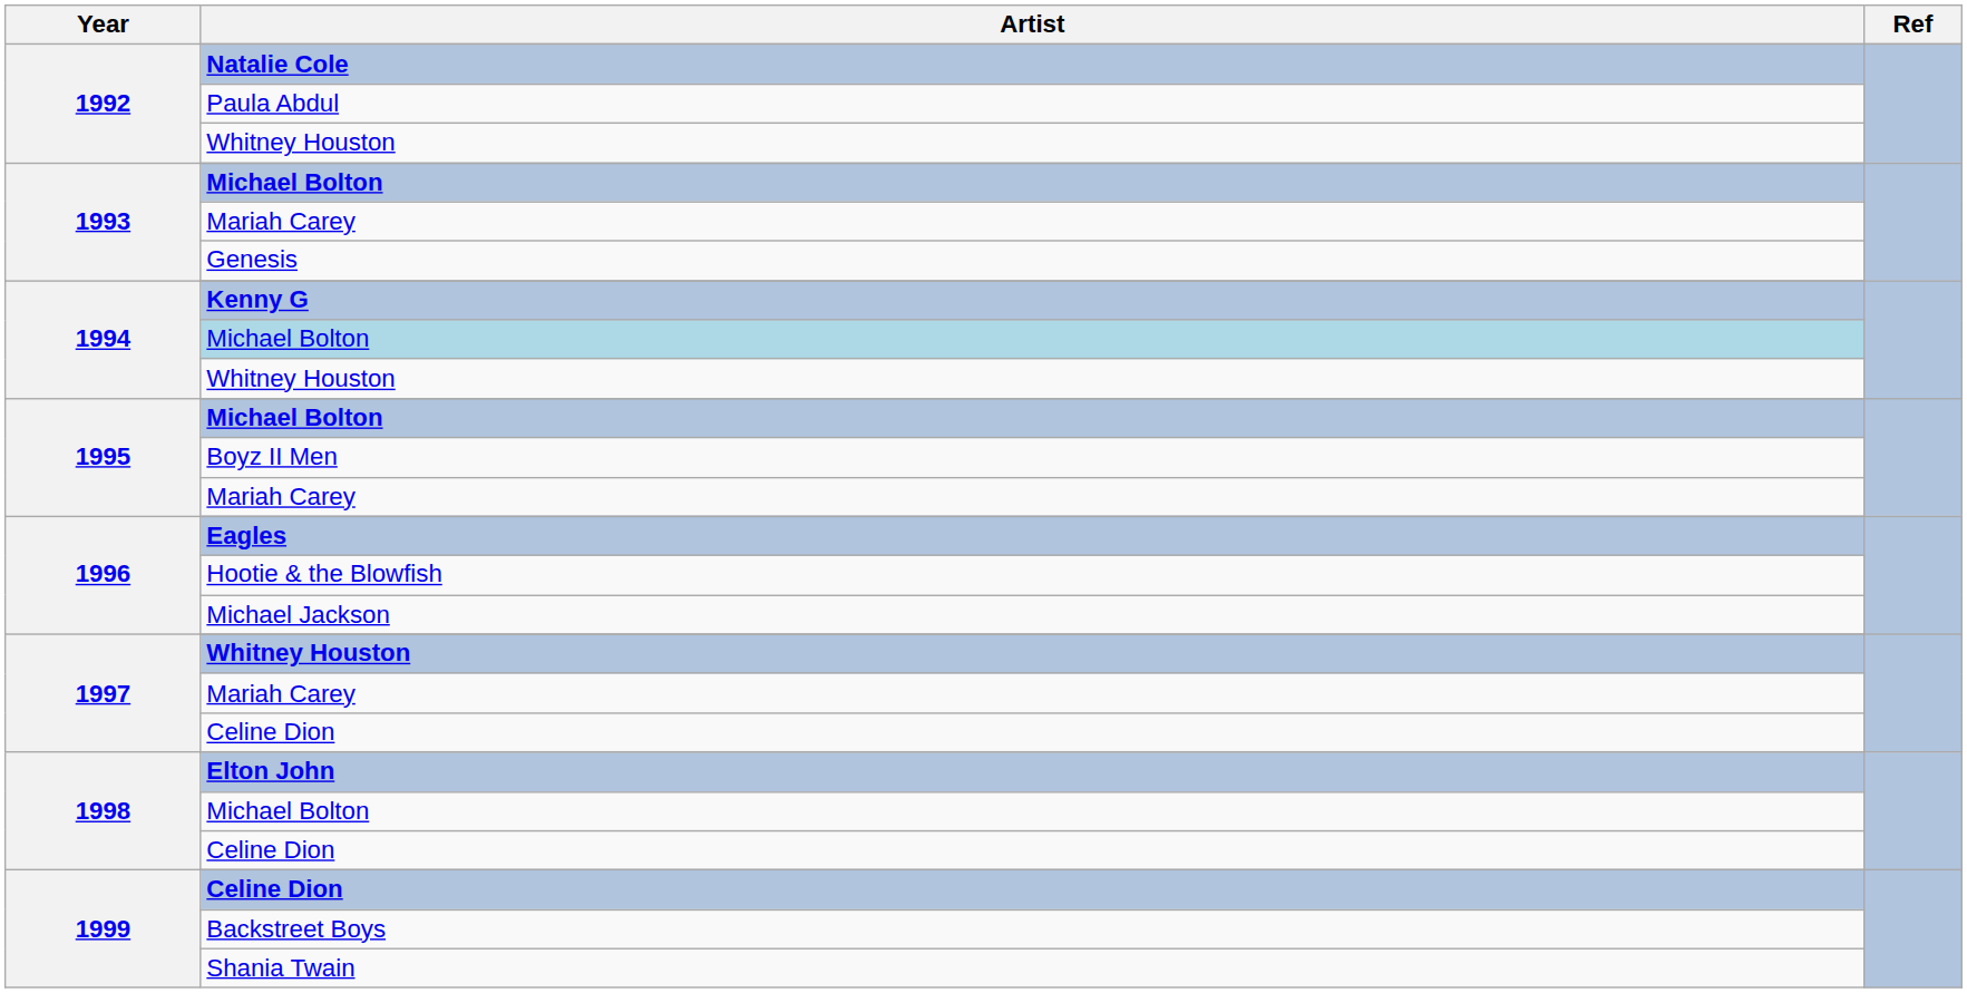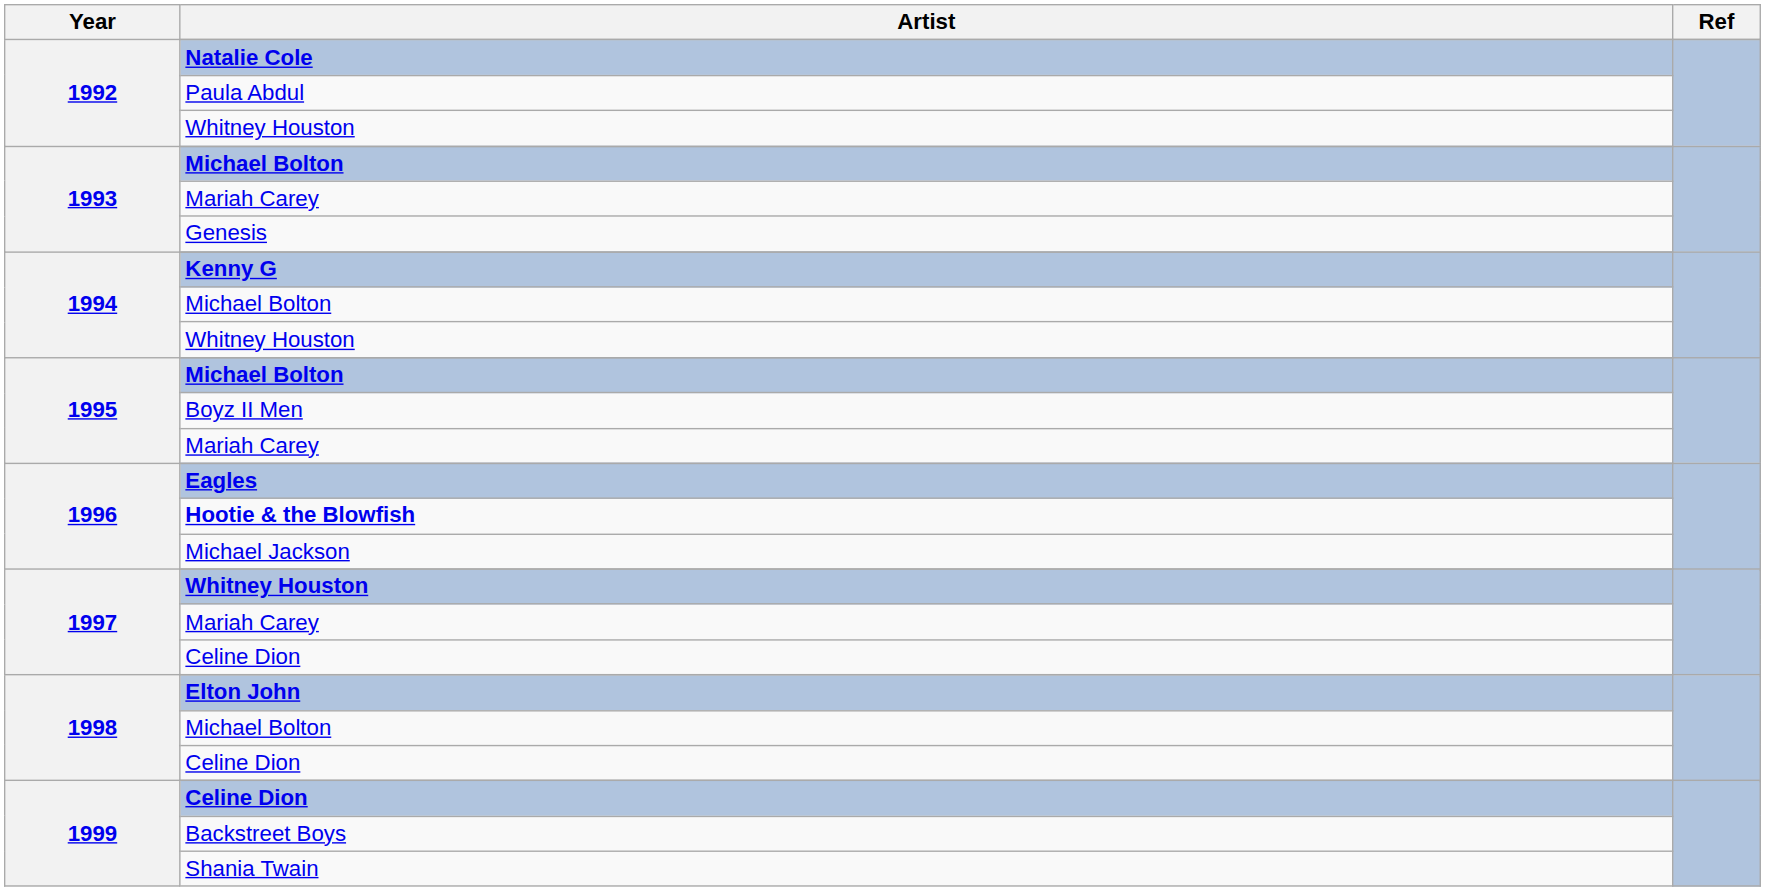 <table class="wikitable" width="100%">
 <tr>
 <th width="10%">Year</th>
 <th width="85%">Artist</th>
 <th width="5%">Ref</th>
 </tr>
 <tr>
 <th rowspan="4" align="center"><a href='#'>1992<br></a></th>
 </tr>
 <tr style="background:#B0C4DE">
 <td><strong><a href='#'>Natalie Cole</a></strong></td>
 <td rowspan="4" align="center"></td>
 </tr>
 <tr>
 <td><a href='#'>Paula Abdul</a></td>
 </tr>
 <tr>
 <td><a href='#'>Whitney Houston</a></td>
 </tr>
 <tr>
 <th rowspan="4" align="center"><a href='#'>1993<br></a></th>
 </tr>
 <tr style="background:#B0C4DE">
 <td><strong><a href='#'>Michael Bolton</a></strong></td>
 <td rowspan="4" align="center"></td>
 </tr>
 <tr>
 <td><a href='#'>Mariah Carey</a></td>
 </tr>
 <tr>
 <td><a href='#'>Genesis</a></td>
 </tr>
 <tr>
 <th rowspan="4" align="center"><a href='#'>1994<br></a></th>
 </tr>
 <tr style="background:#B0C4DE">
 <td><strong><a href='#'>Kenny G</a></strong></td>
 <td rowspan="4" align="center"></td>
 </tr>
 <tr>
-<td style="background: lightblue;"><a href='#'>Michael Bolton</a></td>
+<td><a href='#'>Michael Bolton</a></td>
 </tr>
 <tr>
 <td><a href='#'>Whitney Houston</a></td>
 </tr>
 <tr>
 <th rowspan="4" align="center"><a href='#'>1995<br></a></th>
 </tr>
 <tr style="background:#B0C4DE">
 <td><strong><a href='#'>Michael Bolton</a></strong></td>
 <td rowspan="4" align="center"></td>
 </tr>
 <tr>
 <td><a href='#'>Boyz II Men</a></td>
 </tr>
 <tr>
 <td><a href='#'>Mariah Carey</a></td>
 </tr>
 <tr>
 <th rowspan="4" align="center"><a href='#'>1996<br></a></th>
 </tr>
 <tr style="background:#B0C4DE">
 <td><strong><a href='#'>Eagles</a></strong></td>
 <td rowspan="4" align="center"></td>
 </tr>
 <tr>
-<td><a href='#'>Hootie & the Blowfish</a></td>
+<td><strong><a href='#'>Hootie & the Blowfish</a></strong></td>
 </tr>
 <tr>
 <td><a href='#'>Michael Jackson</a></td>
 </tr>
 <tr>
 <th rowspan="4" align="center"><a href='#'>1997<br></a></th>
 </tr>
 <tr style="background:#B0C4DE">
 <td><strong><a href='#'>Whitney Houston</a></strong></td>
 <td rowspan="4" align="center"></td>
 </tr>
 <tr>
 <td><a href='#'>Mariah Carey</a></td>
 </tr>
 <tr>
 <td><a href='#'>Celine Dion</a></td>
 </tr>
 <tr>
 <th rowspan="4" align="center"><a href='#'>1998<br></a></th>
 </tr>
 <tr style="background:#B0C4DE">
 <td><strong><a href='#'>Elton John</a></strong></td>
 <td rowspan="4" align="center"></td>
 </tr>
 <tr>
 <td><a href='#'>Michael Bolton</a></td>
 </tr>
 <tr>
 <td><a href='#'>Celine Dion</a></td>
 </tr>
 <tr>
 <th rowspan="4" align="center"><a href='#'>1999<br></a></th>
 </tr>
 <tr style="background:#B0C4DE">
 <td><strong><a href='#'>Celine Dion</a></strong></td>
 <td rowspan="4" align="center"></td>
 </tr>
 <tr>
 <td><a href='#'>Backstreet Boys</a></td>
 </tr>
 <tr>
 <td><a href='#'>Shania Twain</a></td>
 </tr>
 </table>
